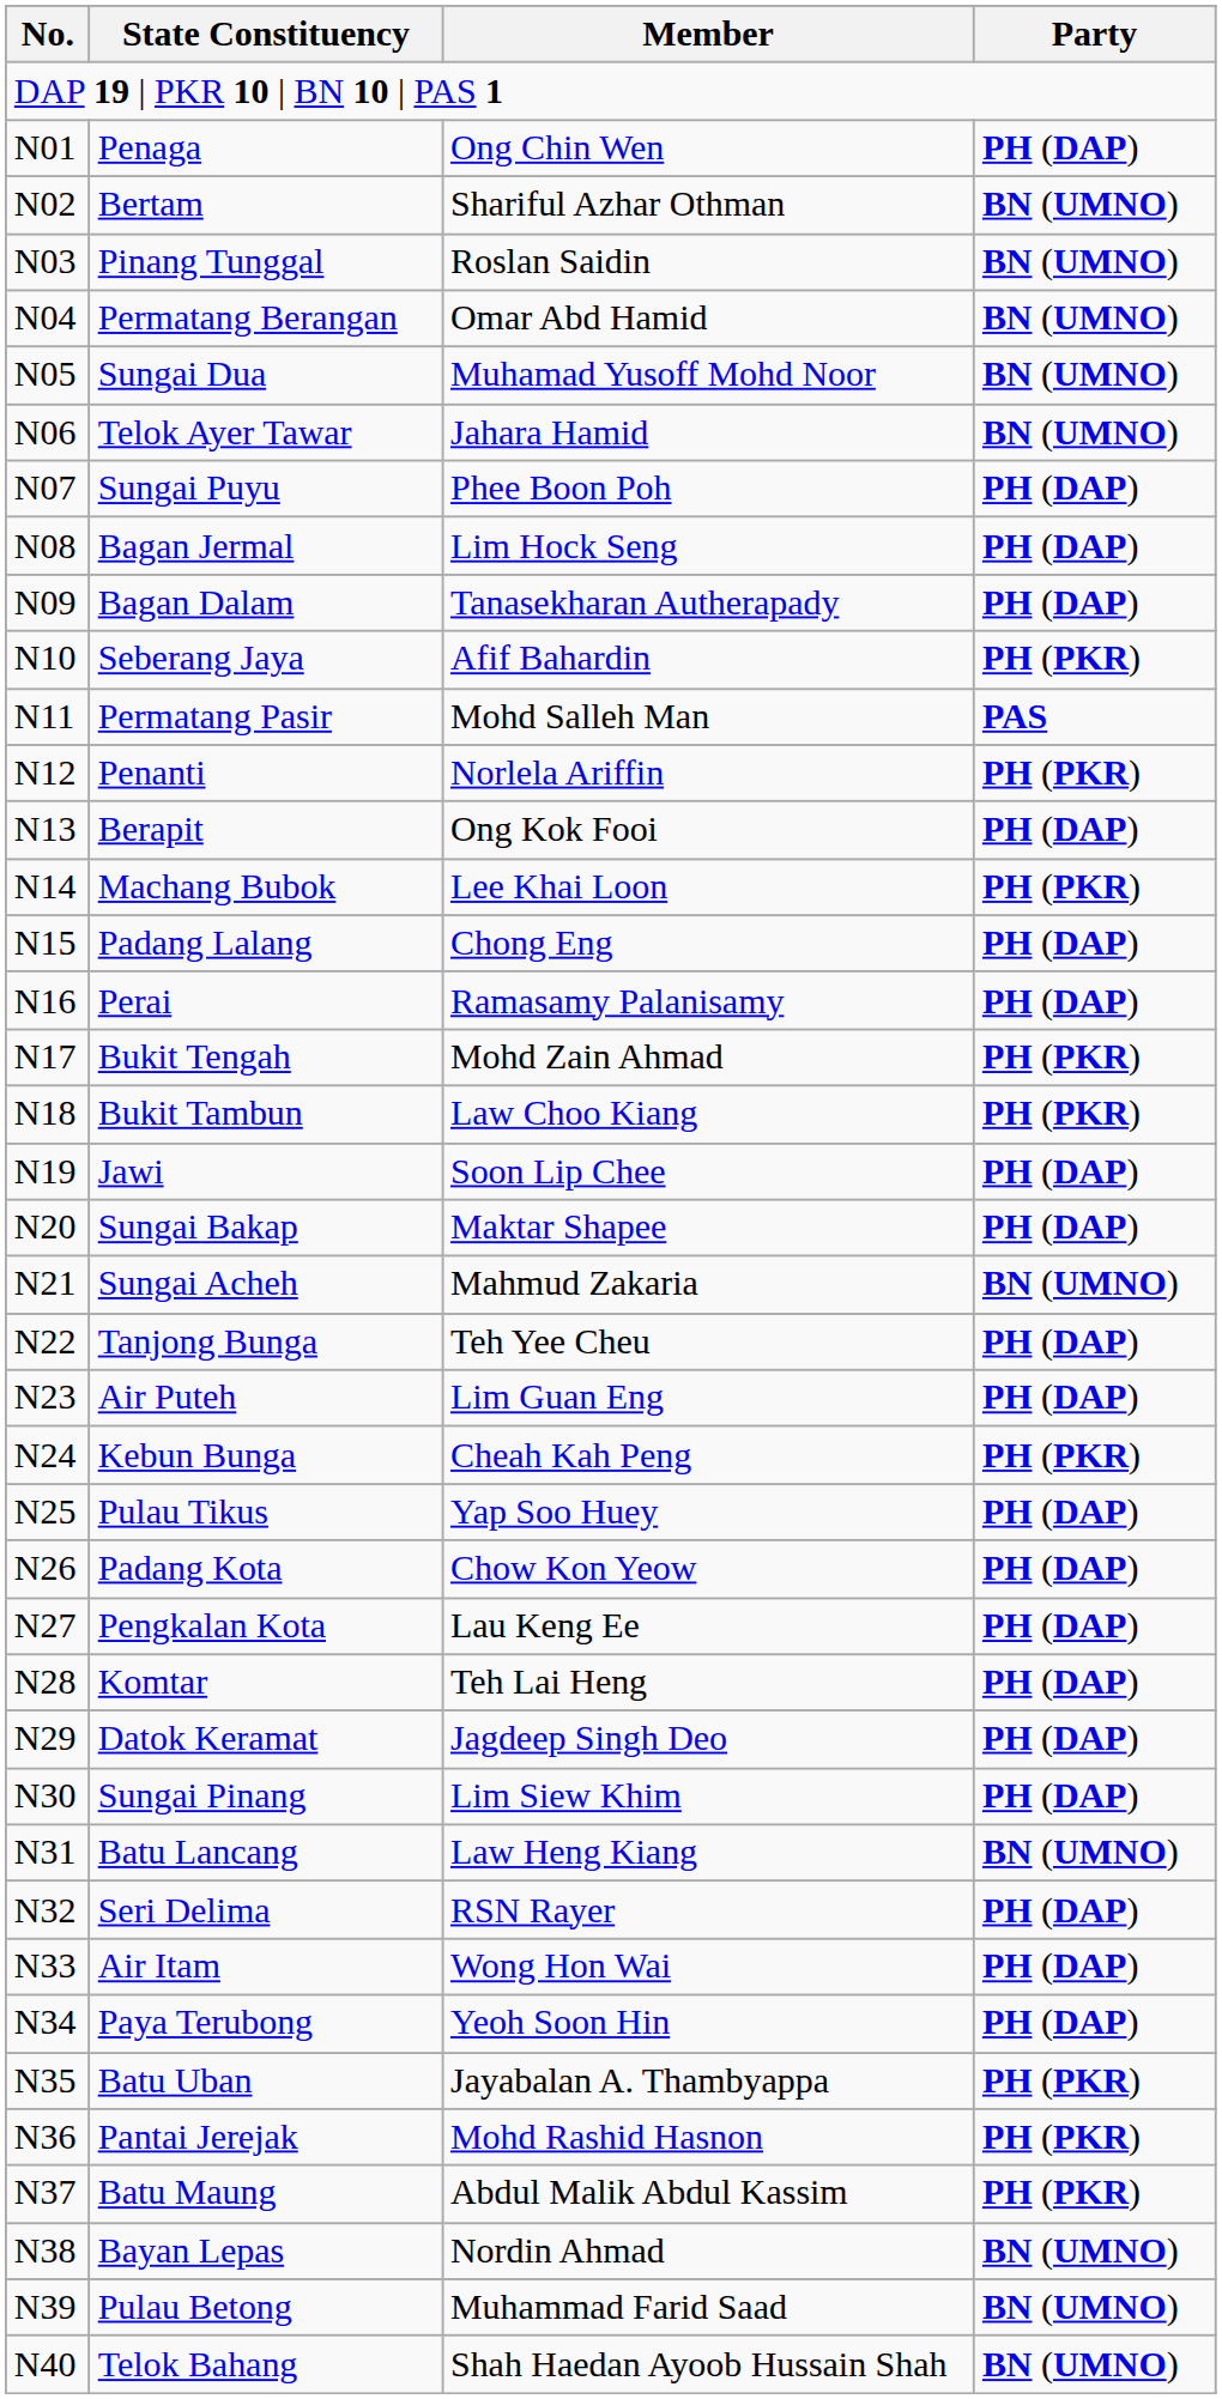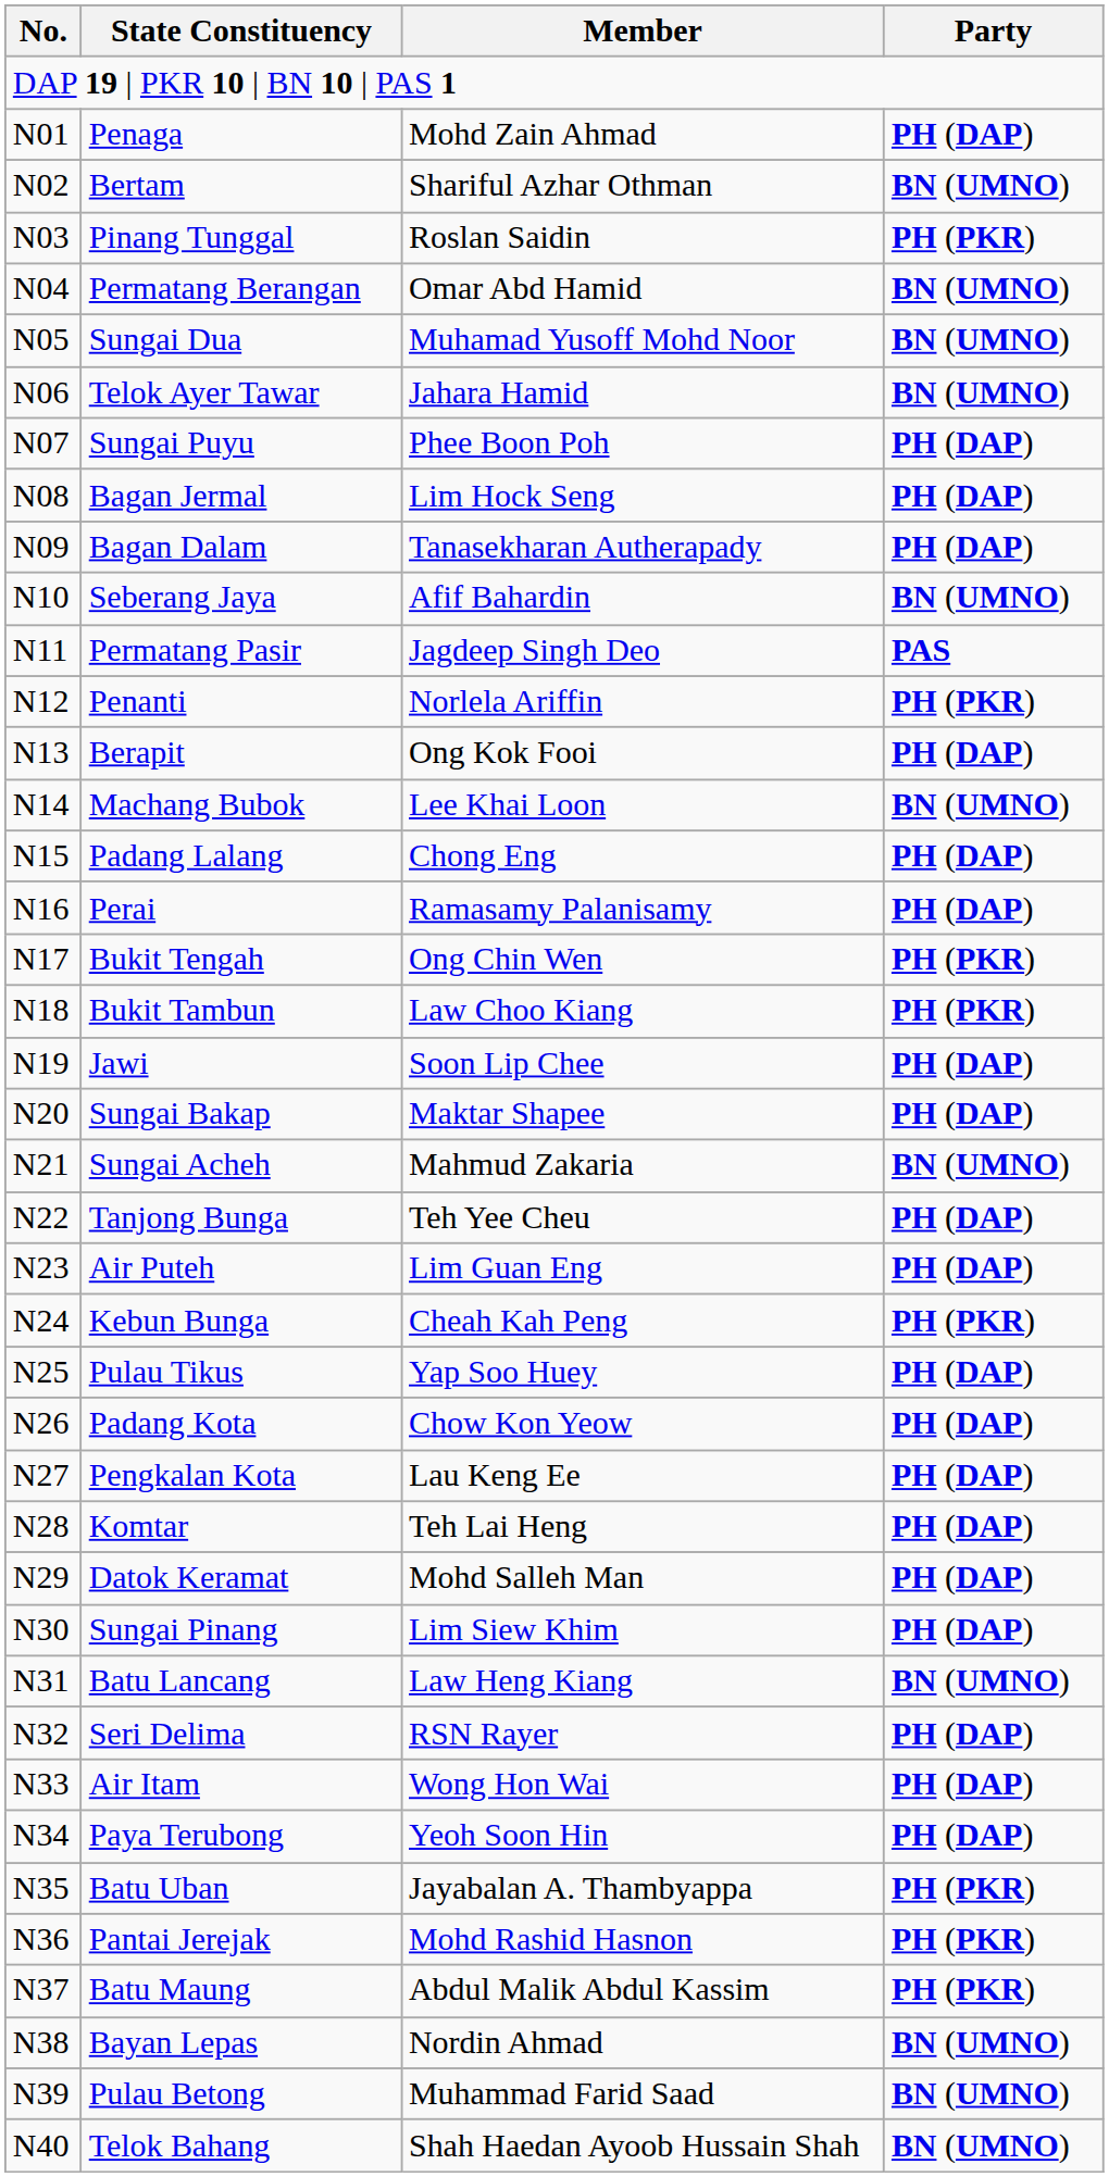 <table class="wikitable sortable">
 <tr>
 <th style="width:30px;">No.</th>
 <th style="width:150px;">State Constituency</th>
 <th style="width:230px;">Member</th>
 <th style="width:100px;">Party</th>
 </tr>
 <tr>
 <td colspan="4"><a href='#'>DAP</a> <strong>19</strong> | <a href='#'>PKR</a> <strong>10</strong> | <a href='#'>BN</a> <strong>10</strong> | <a href='#'>PAS</a> <strong>1</strong></td>
 </tr>
 <tr>
 <td>N01</td>
 <td><a href='#'>Penaga</a></td>
-<td><a href='#'>Ong Chin Wen</a></td>
+<td>Mohd Zain Ahmad</td>
 <td><strong><a href='#'>PH</a></strong> (<strong><a href='#'>DAP</a></strong>)</td>
 </tr>
 <tr>
 <td>N02</td>
 <td><a href='#'>Bertam</a></td>
 <td>Shariful Azhar Othman</td>
 <td><strong><a href='#'>BN</a></strong> (<strong><a href='#'>UMNO</a></strong>)</td>
 </tr>
 <tr>
 <td>N03</td>
 <td><a href='#'>Pinang Tunggal</a></td>
 <td>Roslan Saidin</td>
-<td><strong><a href='#'>BN</a></strong> (<strong><a href='#'>UMNO</a></strong>)</td>
+<td><strong><a href='#'>PH</a></strong> (<strong><a href='#'>PKR</a></strong>)</td>
 </tr>
 <tr>
 <td>N04</td>
 <td><a href='#'>Permatang Berangan</a></td>
 <td>Omar Abd Hamid</td>
 <td><strong><a href='#'>BN</a></strong> (<strong><a href='#'>UMNO</a></strong>)</td>
 </tr>
 <tr>
 <td>N05</td>
 <td><a href='#'>Sungai Dua</a></td>
 <td><a href='#'>Muhamad Yusoff Mohd Noor</a></td>
 <td><strong><a href='#'>BN</a></strong> (<strong><a href='#'>UMNO</a></strong>)</td>
 </tr>
 <tr>
 <td>N06</td>
 <td><a href='#'>Telok Ayer Tawar</a></td>
 <td><a href='#'>Jahara Hamid</a></td>
 <td><strong><a href='#'>BN</a></strong> (<strong><a href='#'>UMNO</a></strong>)</td>
 </tr>
 <tr>
 <td>N07</td>
 <td><a href='#'>Sungai Puyu</a></td>
 <td><a href='#'>Phee Boon Poh</a></td>
 <td><strong><a href='#'>PH</a></strong> (<strong><a href='#'>DAP</a></strong>)</td>
 </tr>
 <tr>
 <td>N08</td>
 <td><a href='#'>Bagan Jermal</a></td>
 <td><a href='#'>Lim Hock Seng</a></td>
 <td><strong><a href='#'>PH</a></strong> (<strong><a href='#'>DAP</a></strong>)</td>
 </tr>
 <tr>
 <td>N09</td>
 <td><a href='#'>Bagan Dalam</a></td>
 <td><a href='#'>Tanasekharan Autherapady</a></td>
 <td><strong><a href='#'>PH</a></strong> (<strong><a href='#'>DAP</a></strong>)</td>
 </tr>
 <tr>
 <td>N10</td>
 <td><a href='#'>Seberang Jaya</a></td>
 <td><a href='#'>Afif Bahardin</a></td>
-<td><strong><a href='#'>PH</a></strong> (<strong><a href='#'>PKR</a></strong>)</td>
+<td><strong><a href='#'>BN</a></strong> (<strong><a href='#'>UMNO</a></strong>)</td>
 </tr>
 <tr>
 <td>N11</td>
 <td><a href='#'>Permatang Pasir</a></td>
-<td>Mohd Salleh Man</td>
+<td><a href='#'>Jagdeep Singh Deo</a></td>
 <td><strong><a href='#'>PAS</a></strong></td>
 </tr>
 <tr>
 <td>N12</td>
 <td><a href='#'>Penanti</a></td>
 <td><a href='#'>Norlela Ariffin</a></td>
 <td><strong><a href='#'>PH</a></strong> (<strong><a href='#'>PKR</a></strong>)</td>
 </tr>
 <tr>
 <td>N13</td>
 <td><a href='#'>Berapit</a></td>
 <td>Ong Kok Fooi</td>
 <td><strong><a href='#'>PH</a></strong> (<strong><a href='#'>DAP</a></strong>)</td>
 </tr>
 <tr>
 <td>N14</td>
 <td><a href='#'>Machang Bubok</a></td>
 <td><a href='#'>Lee Khai Loon</a></td>
-<td><strong><a href='#'>PH</a></strong> (<strong><a href='#'>PKR</a></strong>)</td>
+<td><strong><a href='#'>BN</a></strong> (<strong><a href='#'>UMNO</a></strong>)</td>
 </tr>
 <tr>
 <td>N15</td>
 <td><a href='#'>Padang Lalang</a></td>
 <td><a href='#'>Chong Eng</a></td>
 <td><strong><a href='#'>PH</a></strong> (<strong><a href='#'>DAP</a></strong>)</td>
 </tr>
 <tr>
 <td>N16</td>
 <td><a href='#'>Perai</a></td>
 <td><a href='#'>Ramasamy Palanisamy</a></td>
 <td><strong><a href='#'>PH</a></strong> (<strong><a href='#'>DAP</a></strong>)</td>
 </tr>
 <tr>
 <td>N17</td>
 <td><a href='#'>Bukit Tengah</a></td>
-<td>Mohd Zain Ahmad</td>
+<td><a href='#'>Ong Chin Wen</a></td>
 <td><strong><a href='#'>PH</a></strong> (<strong><a href='#'>PKR</a></strong>)</td>
 </tr>
 <tr>
 <td>N18</td>
 <td><a href='#'>Bukit Tambun</a></td>
 <td><a href='#'>Law Choo Kiang</a></td>
 <td><strong><a href='#'>PH</a></strong> (<strong><a href='#'>PKR</a></strong>)</td>
 </tr>
 <tr>
 <td>N19</td>
 <td><a href='#'>Jawi</a></td>
 <td><a href='#'>Soon Lip Chee</a></td>
 <td><strong><a href='#'>PH</a></strong> (<strong><a href='#'>DAP</a></strong>)</td>
 </tr>
 <tr>
 <td>N20</td>
 <td><a href='#'>Sungai Bakap</a></td>
 <td><a href='#'>Maktar Shapee</a></td>
 <td><strong><a href='#'>PH</a></strong> (<strong><a href='#'>DAP</a></strong>)</td>
 </tr>
 <tr>
 <td>N21</td>
 <td><a href='#'>Sungai Acheh</a></td>
 <td>Mahmud Zakaria</td>
 <td><strong><a href='#'>BN</a></strong> (<strong><a href='#'>UMNO</a></strong>)</td>
 </tr>
 <tr>
 <td>N22</td>
 <td><a href='#'>Tanjong Bunga</a></td>
 <td>Teh Yee Cheu</td>
 <td><strong><a href='#'>PH</a></strong> (<strong><a href='#'>DAP</a></strong>)</td>
 </tr>
 <tr>
 <td>N23</td>
 <td><a href='#'>Air Puteh</a></td>
 <td><a href='#'>Lim Guan Eng</a></td>
 <td><strong><a href='#'>PH</a></strong> (<strong><a href='#'>DAP</a></strong>)</td>
 </tr>
 <tr>
 <td>N24</td>
 <td><a href='#'>Kebun Bunga</a></td>
 <td><a href='#'>Cheah Kah Peng</a></td>
 <td><strong><a href='#'>PH</a></strong> (<strong><a href='#'>PKR</a></strong>)</td>
 </tr>
 <tr>
 <td>N25</td>
 <td><a href='#'>Pulau Tikus</a></td>
 <td><a href='#'>Yap Soo Huey</a></td>
 <td><strong><a href='#'>PH</a></strong> (<strong><a href='#'>DAP</a></strong>)</td>
 </tr>
 <tr>
 <td>N26</td>
 <td><a href='#'>Padang Kota</a></td>
 <td><a href='#'>Chow Kon Yeow</a></td>
 <td><strong><a href='#'>PH</a></strong> (<strong><a href='#'>DAP</a></strong>)</td>
 </tr>
 <tr>
 <td>N27</td>
 <td><a href='#'>Pengkalan Kota</a></td>
 <td>Lau Keng Ee</td>
 <td><strong><a href='#'>PH</a></strong> (<strong><a href='#'>DAP</a></strong>)</td>
 </tr>
 <tr>
 <td>N28</td>
 <td><a href='#'>Komtar</a></td>
 <td>Teh Lai Heng</td>
 <td><strong><a href='#'>PH</a></strong> (<strong><a href='#'>DAP</a></strong>)</td>
 </tr>
 <tr>
 <td>N29</td>
 <td><a href='#'>Datok Keramat</a></td>
-<td><a href='#'>Jagdeep Singh Deo</a></td>
+<td>Mohd Salleh Man</td>
 <td><strong><a href='#'>PH</a></strong> (<strong><a href='#'>DAP</a></strong>)</td>
 </tr>
 <tr>
 <td>N30</td>
 <td><a href='#'>Sungai Pinang</a></td>
 <td><a href='#'>Lim Siew Khim</a></td>
 <td><strong><a href='#'>PH</a></strong> (<strong><a href='#'>DAP</a></strong>)</td>
 </tr>
 <tr>
 <td>N31</td>
 <td><a href='#'>Batu Lancang</a></td>
 <td><a href='#'>Law Heng Kiang</a></td>
 <td><strong><a href='#'>BN</a></strong> (<strong><a href='#'>UMNO</a></strong>)</td>
 </tr>
 <tr>
 <td>N32</td>
 <td><a href='#'>Seri Delima</a></td>
 <td><a href='#'>RSN Rayer</a></td>
 <td><strong><a href='#'>PH</a></strong> (<strong><a href='#'>DAP</a></strong>)</td>
 </tr>
 <tr>
 <td>N33</td>
 <td><a href='#'>Air Itam</a></td>
 <td><a href='#'>Wong Hon Wai</a></td>
 <td><strong><a href='#'>PH</a></strong> (<strong><a href='#'>DAP</a></strong>)</td>
 </tr>
 <tr>
 <td>N34</td>
 <td><a href='#'>Paya Terubong</a></td>
 <td><a href='#'>Yeoh Soon Hin</a></td>
 <td><strong><a href='#'>PH</a></strong> (<strong><a href='#'>DAP</a></strong>)</td>
 </tr>
 <tr>
 <td>N35</td>
 <td><a href='#'>Batu Uban</a></td>
 <td>Jayabalan A. Thambyappa</td>
 <td><strong><a href='#'>PH</a></strong> (<strong><a href='#'>PKR</a></strong>)</td>
 </tr>
 <tr>
 <td>N36</td>
 <td><a href='#'>Pantai Jerejak</a></td>
 <td><a href='#'>Mohd Rashid Hasnon</a></td>
 <td><strong><a href='#'>PH</a></strong> (<strong><a href='#'>PKR</a></strong>)</td>
 </tr>
 <tr>
 <td>N37</td>
 <td><a href='#'>Batu Maung</a></td>
 <td>Abdul Malik Abdul Kassim</td>
 <td><strong><a href='#'>PH</a></strong> (<strong><a href='#'>PKR</a></strong>)</td>
 </tr>
 <tr>
 <td>N38</td>
 <td><a href='#'>Bayan Lepas</a></td>
 <td>Nordin Ahmad</td>
 <td><strong><a href='#'>BN</a></strong> (<strong><a href='#'>UMNO</a></strong>)</td>
 </tr>
 <tr>
 <td>N39</td>
 <td><a href='#'>Pulau Betong</a></td>
 <td>Muhammad Farid Saad</td>
 <td><strong><a href='#'>BN</a></strong> (<strong><a href='#'>UMNO</a></strong>)</td>
 </tr>
 <tr>
 <td>N40</td>
 <td><a href='#'>Telok Bahang</a></td>
 <td>Shah Haedan Ayoob Hussain Shah</td>
 <td><strong><a href='#'>BN</a></strong> (<strong><a href='#'>UMNO</a></strong>)</td>
 </tr>
 </table>
